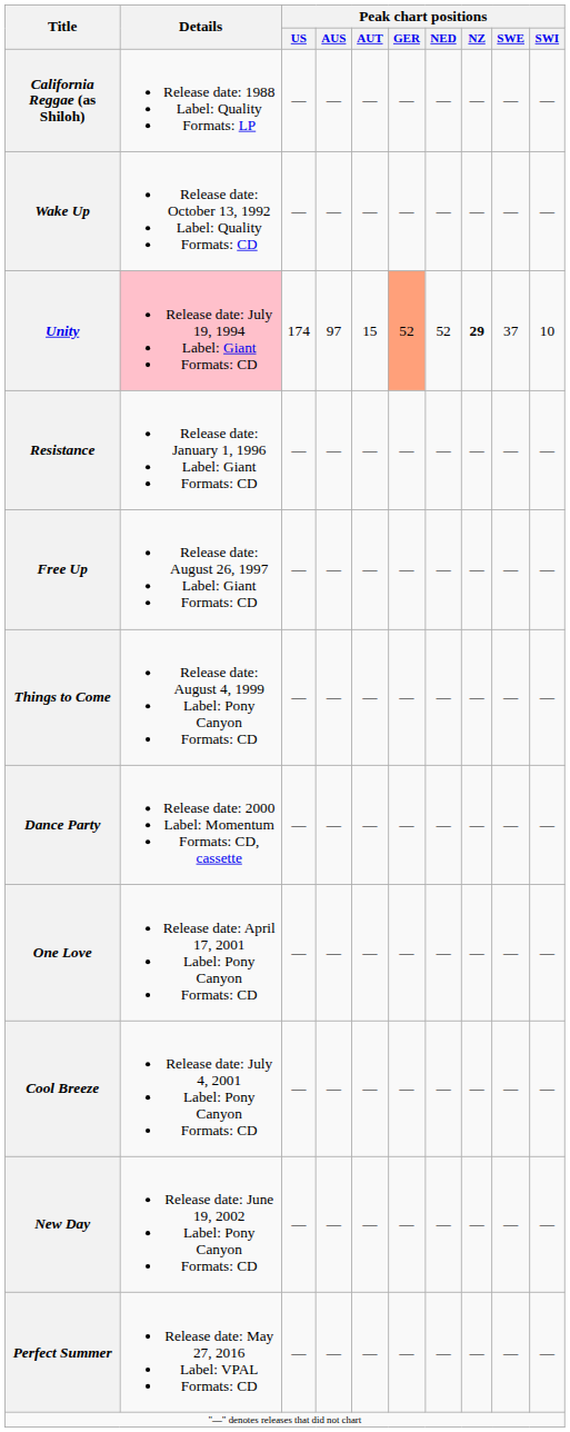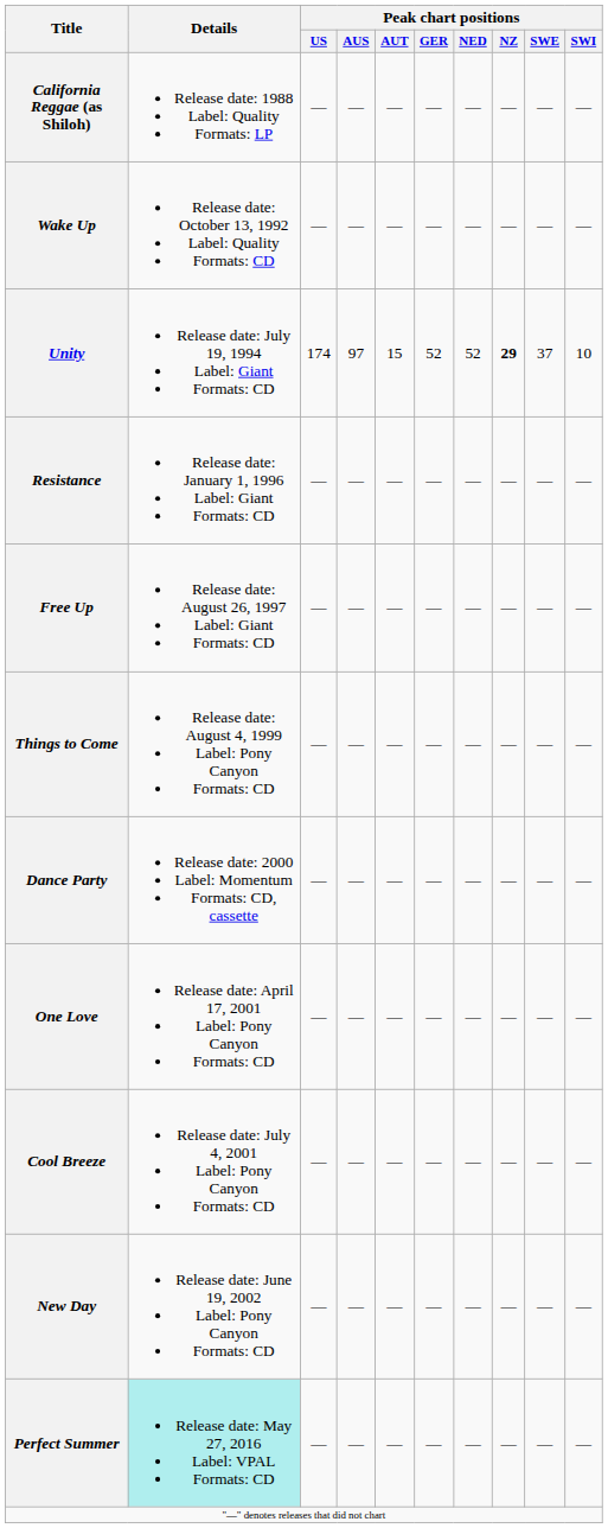 <table class="wikitable plainrowheaders" style="text-align:center;">
 <tr>
 <th rowspan="2" style="width:14em;">Title</th>
 <th rowspan="2" style="width:18em;">Details</th>
 <th colspan="8">Peak chart positions</th>
 </tr>
 <tr style="font-size:smaller;">
 <th style="width:45px;"><a href='#'>US</a></th>
 <th style="width:45px;"><a href='#'>AUS</a><br></th>
 <th style="width:45px;"><a href='#'>AUT</a></th>
 <th style="width:45px;"><a href='#'>GER</a></th>
 <th style="width:45px;"><a href='#'>NED</a></th>
 <th style="width:45px;"><a href='#'>NZ</a></th>
 <th style="width:45px;"><a href='#'>SWE</a></th>
 <th style="width:45px;"><a href='#'>SWI</a></th>
 </tr>
 <tr>
 <th scope="row"><em>California Reggae</em> (as Shiloh)</th>
 <td><br><ul><li>Release date: 1988</li><li>Label: Quality</li><li>Formats: <a href='#'>LP</a></li></ul></td>
 <td>—</td>
 <td>—</td>
 <td>—</td>
 <td>—</td>
 <td>—</td>
 <td>—</td>
 <td>—</td>
 <td>—</td>
 </tr>
 <tr>
 <th scope="row"><em>Wake Up</em></th>
 <td><br><ul><li>Release date: October 13, 1992</li><li>Label: Quality</li><li>Formats: <a href='#'>CD</a></li></ul></td>
 <td>—</td>
 <td>—</td>
 <td>—</td>
 <td>—</td>
 <td>—</td>
 <td>—</td>
 <td>—</td>
 <td>—</td>
 </tr>
 <tr>
 <th scope="row"><em><a href='#'>Unity</a></em></th>
-<td style="background: pink;"><br><ul><li>Release date: July 19, 1994</li><li>Label: <a href='#'>Giant</a></li><li>Formats: CD</li></ul></td>
+<td><br><ul><li>Release date: July 19, 1994</li><li>Label: <a href='#'>Giant</a></li><li>Formats: CD</li></ul></td>
 <td>174</td>
 <td>97</td>
 <td>15</td>
-<td style="background: lightsalmon;">52</td>
+<td>52</td>
 <td>52</td>
 <td><strong>29</strong></td>
 <td>37</td>
 <td>10</td>
 </tr>
 <tr>
 <th scope="row"><em>Resistance</em></th>
 <td><br><ul><li>Release date: January 1, 1996</li><li>Label: Giant</li><li>Formats: CD</li></ul></td>
 <td>—</td>
 <td>—</td>
 <td>—</td>
 <td>—</td>
 <td>—</td>
 <td>—</td>
 <td>—</td>
 <td>—</td>
 </tr>
 <tr>
 <th scope="row"><em>Free Up</em></th>
 <td><br><ul><li>Release date: August 26, 1997</li><li>Label: Giant</li><li>Formats: CD</li></ul></td>
 <td>—</td>
 <td>—</td>
 <td>—</td>
 <td>—</td>
 <td>—</td>
 <td>—</td>
 <td>—</td>
 <td>—</td>
 </tr>
 <tr>
 <th scope="row"><em>Things to Come</em></th>
 <td><br><ul><li>Release date: August 4, 1999</li><li>Label: Pony Canyon</li><li>Formats: CD</li></ul></td>
 <td>—</td>
 <td>—</td>
 <td>—</td>
 <td>—</td>
 <td>—</td>
 <td>—</td>
 <td>—</td>
 <td>—</td>
 </tr>
 <tr>
 <th scope="row"><em>Dance Party</em></th>
 <td><br><ul><li>Release date: 2000</li><li>Label: Momentum</li><li>Formats: CD, <a href='#'>cassette</a></li></ul></td>
 <td>—</td>
 <td>—</td>
 <td>—</td>
 <td>—</td>
 <td>—</td>
 <td>—</td>
 <td>—</td>
 <td>—</td>
 </tr>
 <tr>
 <th scope="row"><em>One Love</em></th>
 <td><br><ul><li>Release date: April 17, 2001</li><li>Label: Pony Canyon</li><li>Formats: CD</li></ul></td>
 <td>—</td>
 <td>—</td>
 <td>—</td>
 <td>—</td>
 <td>—</td>
 <td>—</td>
 <td>—</td>
 <td>—</td>
 </tr>
 <tr>
 <th scope="row"><em>Cool Breeze</em></th>
 <td><br><ul><li>Release date: July 4, 2001</li><li>Label: Pony Canyon</li><li>Formats: CD</li></ul></td>
 <td>—</td>
 <td>—</td>
 <td>—</td>
 <td>—</td>
 <td>—</td>
 <td>—</td>
 <td>—</td>
 <td>—</td>
 </tr>
 <tr>
 <th scope="row"><em>New Day</em></th>
 <td><br><ul><li>Release date: June 19, 2002</li><li>Label: Pony Canyon</li><li>Formats: CD</li></ul></td>
 <td>—</td>
 <td>—</td>
 <td>—</td>
 <td>—</td>
 <td>—</td>
 <td>—</td>
 <td>—</td>
 <td>—</td>
 </tr>
 <tr>
 <th scope="row"><em>Perfect Summer</em></th>
-<td><br><ul><li>Release date: May 27, 2016</li><li>Label: VPAL</li><li>Formats: CD</li></ul></td>
+<td style="background: paleturquoise;"><br><ul><li>Release date: May 27, 2016</li><li>Label: VPAL</li><li>Formats: CD</li></ul></td>
 <td>—</td>
 <td>—</td>
 <td>—</td>
 <td>—</td>
 <td>—</td>
 <td>—</td>
 <td>—</td>
 <td>—</td>
 </tr>
 <tr>
 <td colspan="15" style="font-size:8pt">"—" denotes releases that did not chart</td>
 </tr>
 </table>
